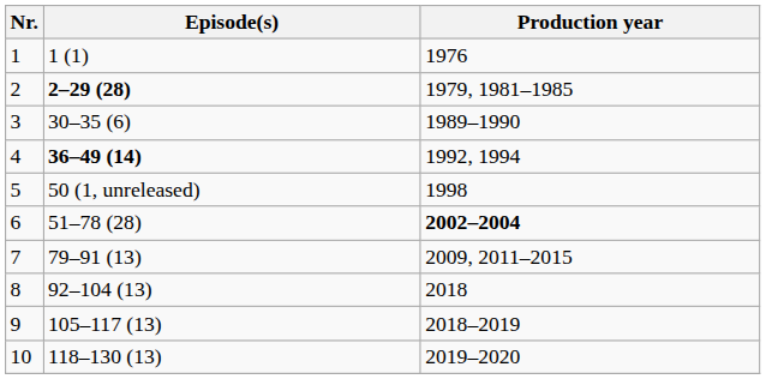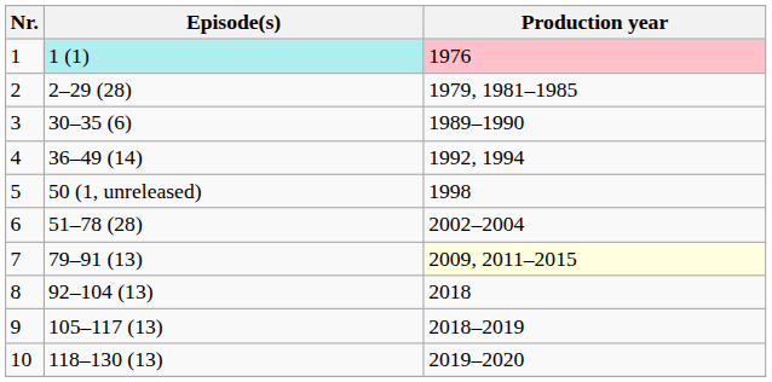 <table class="wikitable">
 <tr>
 <th width="5%">Nr.</th>
 <th width="50%">Episode(s)</th>
 <th width="50%">Production year</th>
 </tr>
 <tr>
 <td>1</td>
-<td>1 (1)</td>
-<td>1976</td>
+<td style="background: paleturquoise;">1 (1)</td>
+<td style="background: pink;">1976</td>
 </tr>
 <tr>
 <td>2</td>
-<td><strong>2–29 (28)</strong></td>
+<td>2–29 (28)</td>
 <td>1979, 1981–1985</td>
 </tr>
 <tr>
 <td>3</td>
 <td>30–35 (6)</td>
 <td>1989–1990</td>
 </tr>
 <tr>
 <td>4</td>
-<td><strong>36–49 (14)</strong></td>
+<td>36–49 (14)</td>
 <td>1992, 1994</td>
 </tr>
 <tr>
 <td>5</td>
 <td>50 (1, unreleased)</td>
 <td>1998</td>
 </tr>
 <tr>
 <td>6</td>
 <td>51–78 (28)</td>
-<td><strong>2002–2004</strong></td>
+<td>2002–2004</td>
 </tr>
 <tr>
 <td>7</td>
 <td>79–91 (13)</td>
-<td>2009, 2011–2015</td>
+<td style="background: lightyellow;">2009, 2011–2015</td>
 </tr>
 <tr>
 <td>8</td>
 <td>92–104 (13)</td>
 <td>2018</td>
 </tr>
 <tr>
 <td>9</td>
 <td>105–117 (13)</td>
 <td>2018–2019</td>
 </tr>
 <tr>
 <td>10</td>
 <td>118–130 (13)</td>
 <td>2019–2020</td>
 </tr>
 <tr>
 </tr>
 </table>
